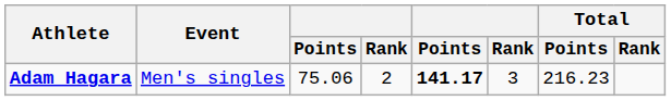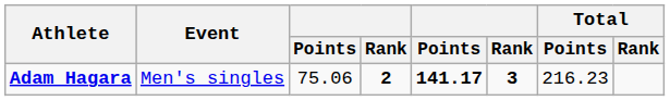 <table class="wikitable" style="font-size:90%">
 <tr>
 <th rowspan="2">Athlete</th>
 <th rowspan="2">Event</th>
 <th colspan="2"></th>
 <th colspan="2"></th>
 <th colspan="2">Total</th>
 </tr>
 <tr style="font-size:95%">
 <th>Points</th>
 <th>Rank</th>
 <th>Points</th>
 <th>Rank</th>
 <th>Points</th>
 <th>Rank</th>
 </tr>
 <tr align=center>
 <td align=left><strong><a href='#'>Adam Hagara</a></strong></td>
 <td align=left><a href='#'>Men's singles</a></td>
 <td>75.06</td>
-<td>2</td>
+<td><strong>2</strong></td>
 <td><strong>141.17</strong></td>
-<td>3</td>
+<td><strong>3</strong></td>
 <td>216.23</td>
 <td></td>
 </tr>
 </table>
